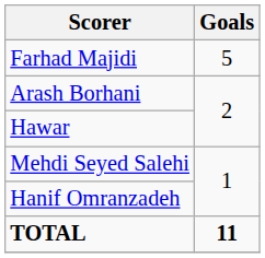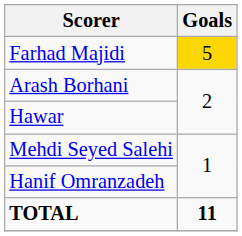 <table class="wikitable">
 <tr>
 <th>Scorer</th>
 <th>Goals</th>
 </tr>
 <tr>
 <td> <a href='#'>Farhad Majidi</a></td>
-<td align=center>5</td>
+<td align=center style="background: gold;">5</td>
 </tr>
 <tr>
 <td> <a href='#'>Arash Borhani</a></td>
 <td rowspan="2" align=center>2</td>
 </tr>
 <tr>
 <td> <a href='#'>Hawar</a></td>
 </tr>
 <tr>
 <td> <a href='#'>Mehdi Seyed Salehi</a></td>
 <td rowspan="2" align=center>1</td>
 </tr>
 <tr>
 <td> <a href='#'>Hanif Omranzadeh</a></td>
 </tr>
 <tr>
 <td><strong>TOTAL</strong></td>
 <td align=center><strong>11</strong></td>
 </tr>
 <tr>
 </tr>
 </table>
